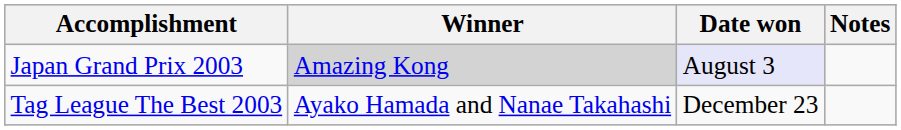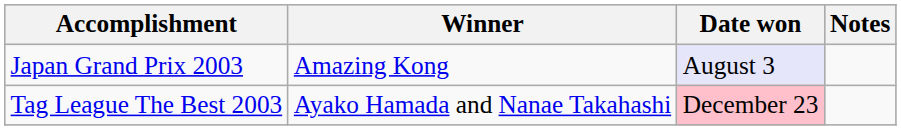 <table class="wikitable">
 <tr>
 <th>Accomplishment</th>
 <th>Winner</th>
 <th>Date won</th>
 <th>Notes</th>
 </tr>
 <tr>
 <td><a href='#'>Japan Grand Prix 2003</a></td>
-<td style="background: lightgrey;"><a href='#'>Amazing Kong</a></td>
+<td><a href='#'>Amazing Kong</a></td>
 <td style="background: lavender;">August 3</td>
 </tr>
 <tr>
 <td><a href='#'>Tag League The Best 2003</a></td>
 <td><a href='#'>Ayako Hamada</a> and <a href='#'>Nanae Takahashi</a></td>
-<td>December 23</td>
+<td style="background: pink;">December 23</td>
 <td></td>
 </tr>
 </table>
